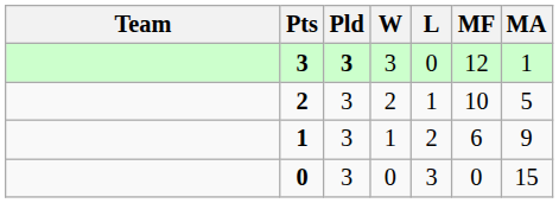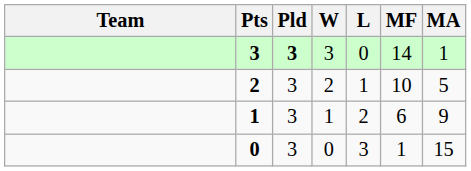 <table class=wikitable style="text-align:center">
 <tr>
 <th width=175>Team</th>
 <th width=20>Pts</th>
 <th width=20>Pld</th>
 <th width=20>W</th>
 <th width=20>L</th>
 <th width=20>MF</th>
 <th width=20>MA</th>
 </tr>
 <tr bgcolor=#ccffcc>
 <td style="text-align:left"></td>
 <td><strong>3</strong></td>
 <td><strong>3</strong></td>
 <td>3</td>
 <td>0</td>
-<td>12</td>
+<td>14</td>
 <td>1</td>
 </tr>
 <tr>
 <td style="text-align:left"></td>
 <td><strong>2</strong></td>
 <td>3</td>
 <td>2</td>
 <td>1</td>
 <td>10</td>
 <td>5</td>
 </tr>
 <tr>
 <td style="text-align:left"></td>
 <td><strong>1</strong></td>
 <td>3</td>
 <td>1</td>
 <td>2</td>
 <td>6</td>
 <td>9</td>
 </tr>
 <tr>
 <td style="text-align:left"></td>
 <td><strong>0</strong></td>
 <td>3</td>
 <td>0</td>
 <td>3</td>
-<td>0</td>
+<td>1</td>
 <td>15</td>
 </tr>
 </table>
